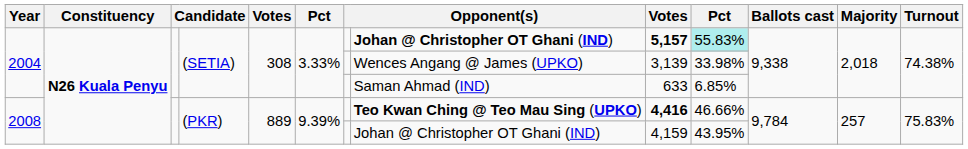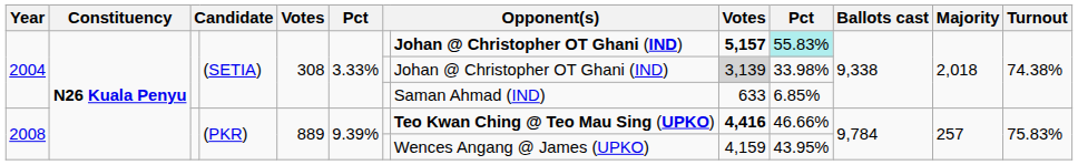 <table class="wikitable" style="margin:0.5em ; font-size:95%">
 <tr>
 <th>Year</th>
 <th>Constituency</th>
 <th colspan=2>Candidate</th>
 <th>Votes</th>
 <th>Pct</th>
 <th colspan=2>Opponent(s)</th>
 <th>Votes</th>
 <th>Pct</th>
 <th>Ballots cast</th>
 <th>Majority</th>
 <th>Turnout</th>
 </tr>
 <tr>
 <td rowspan=3><a href='#'>2004</a></td>
 <td rowspan=5><strong>N26 <a href='#'>Kuala Penyu</a></strong></td>
 <td rowspan=3 bgcolor=></td>
 <td rowspan=3> (<a href='#'>SETIA</a>)</td>
 <td rowspan=3 align="right">308</td>
 <td rowspan=3>3.33%</td>
 <td></td>
 <td><strong>Johan @ Christopher OT Ghani</strong> (<a href='#'><strong>IND</strong></a>)</td>
 <td align="right"><strong>5,157</strong></td>
 <td style="background: paleturquoise;">55.83%</td>
 <td rowspan=3>9,338</td>
 <td rowspan=3>2,018</td>
 <td rowspan=3>74.38%</td>
 </tr>
 <tr>
 <td></td>
-<td>Wences Angang @ James (<a href='#'>UPKO</a>)</td>
-<td align="right">3,139</td>
+<td>Johan @ Christopher OT Ghani (<a href='#'>IND</a>)</td>
+<td align="right" style="background: lightgrey;">3,139</td>
 <td>33.98%</td>
 </tr>
 <tr>
 <td></td>
 <td>Saman Ahmad (<a href='#'>IND</a>)</td>
 <td align="right">633</td>
 <td>6.85%</td>
 </tr>
 <tr>
 <td rowspan=2><a href='#'>2008</a></td>
 <td rowspan=2 ></td>
 <td rowspan=2> (<a href='#'>PKR</a>)</td>
 <td rowspan=2 align="right">889</td>
 <td rowspan=2>9.39%</td>
 <td></td>
 <td><strong>Teo Kwan Ching @ Teo Mau Sing</strong> (<a href='#'><strong>UPKO</strong></a>)</td>
 <td align="right"><strong>4,416</strong></td>
 <td>46.66%</td>
 <td rowspan=2>9,784</td>
 <td rowspan=2>257</td>
 <td rowspan=2>75.83%</td>
 </tr>
 <tr>
 <td></td>
-<td>Johan @ Christopher OT Ghani (<a href='#'>IND</a>)</td>
+<td>Wences Angang @ James (<a href='#'>UPKO</a>)</td>
 <td align="right">4,159</td>
 <td>43.95%</td>
 </tr>
 </table>
